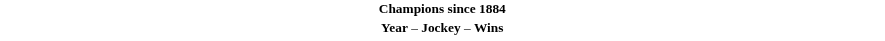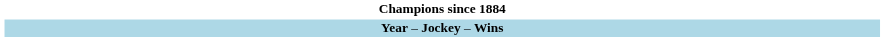 <table class="wiki table" style="font-size:110%">
 <tr>
 <th style="width:1150px"><br></th>
 </tr>
 <tr>
 <td align=center><span><strong>Champions since 1884</strong></span></td>
 </tr>
 <tr>
-<td align=center><span> <strong>Year</strong>  –  <strong>Jockey</strong>  –  <strong>Wins</strong></span></td>
+<td align=center style="background: lightblue;"><span> <strong>Year</strong>  –  <strong>Jockey</strong>  –  <strong>Wins</strong></span></td>
 </tr>
 <tr>
 </tr>
 </table>
